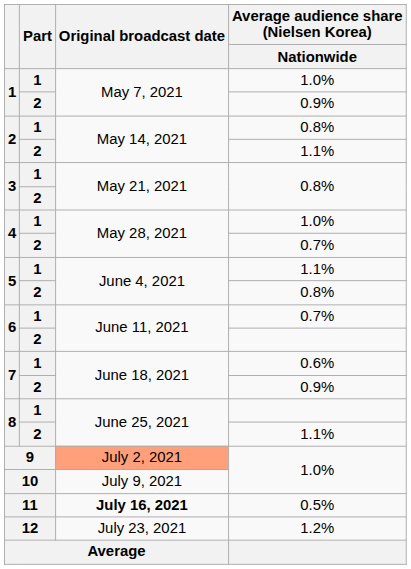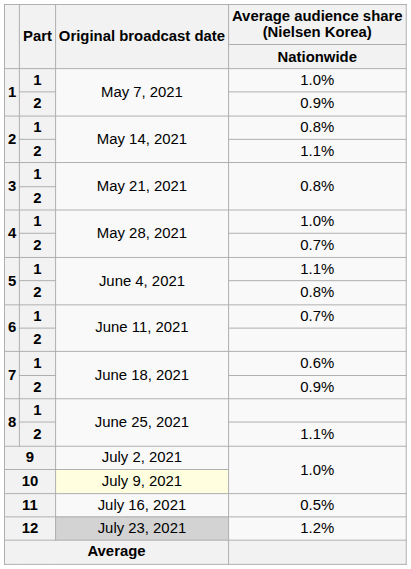 <table class="wikitable" style="text-align:center">
 <tr>
 <th rowspan="2"></th>
 <th rowspan="2">Part</th>
 <th rowspan="2">Original broadcast date</th>
 <th colspan="1">Average audience share<br>(Nielsen Korea)</th>
 </tr>
 <tr>
 <th>Nationwide</th>
 </tr>
 <tr>
 <th rowspan="2">1</th>
 <th>1</th>
 <td rowspan="2">May 7, 2021</td>
 <td>1.0%</td>
 </tr>
 <tr>
 <th>2</th>
 <td>0.9%</td>
 </tr>
 <tr>
 <th rowspan="2">2</th>
 <th>1</th>
 <td rowspan="2">May 14, 2021</td>
 <td>0.8%</td>
 </tr>
 <tr>
 <th>2</th>
 <td>1.1%</td>
 </tr>
 <tr>
 <th rowspan="2">3</th>
 <th>1</th>
 <td rowspan="2">May 21, 2021</td>
 <td rowspan="2">0.8%</td>
 </tr>
 <tr>
 <th>2</th>
 </tr>
 <tr>
 <th rowspan="2">4</th>
 <th>1</th>
 <td rowspan="2">May 28, 2021</td>
 <td>1.0%</td>
 </tr>
 <tr>
 <th>2</th>
 <td>0.7%</td>
 </tr>
 <tr>
 <th rowspan="2">5</th>
 <th>1</th>
 <td rowspan="2">June 4, 2021</td>
 <td>1.1%</td>
 </tr>
 <tr>
 <th>2</th>
 <td>0.8%</td>
 </tr>
 <tr>
 <th rowspan="2">6</th>
 <th>1</th>
 <td rowspan="2">June 11, 2021</td>
 <td>0.7%</td>
 </tr>
 <tr>
 <th>2</th>
 <td></td>
 </tr>
 <tr>
 <th rowspan="2">7</th>
 <th>1</th>
 <td rowspan="2">June 18, 2021</td>
 <td>0.6%</td>
 </tr>
 <tr>
 <th>2</th>
 <td>0.9%</td>
 </tr>
 <tr>
 <th rowspan="2">8</th>
 <th>1</th>
 <td rowspan="2">June 25, 2021</td>
 <td></td>
 </tr>
 <tr>
 <th>2</th>
 <td>1.1%</td>
 </tr>
 <tr>
 <th colspan="2">9</th>
-<td style="background: lightsalmon;">July 2, 2021</td>
+<td>July 2, 2021</td>
 <td rowspan="2">1.0%</td>
 </tr>
 <tr>
 <th colspan="2">10</th>
-<td>July 9, 2021</td>
+<td style="background: lightyellow;">July 9, 2021</td>
 </tr>
 <tr>
 <th colspan="2">11</th>
-<td><strong>July 16, 2021</strong></td>
+<td>July 16, 2021</td>
 <td>0.5%</td>
 </tr>
 <tr>
 <th colspan="2">12</th>
-<td>July 23, 2021</td>
+<td style="background: lightgrey;">July 23, 2021</td>
 <td>1.2%</td>
 </tr>
 <tr>
 <th colspan="3">Average</th>
 <th></th>
 </tr>
 </table>
